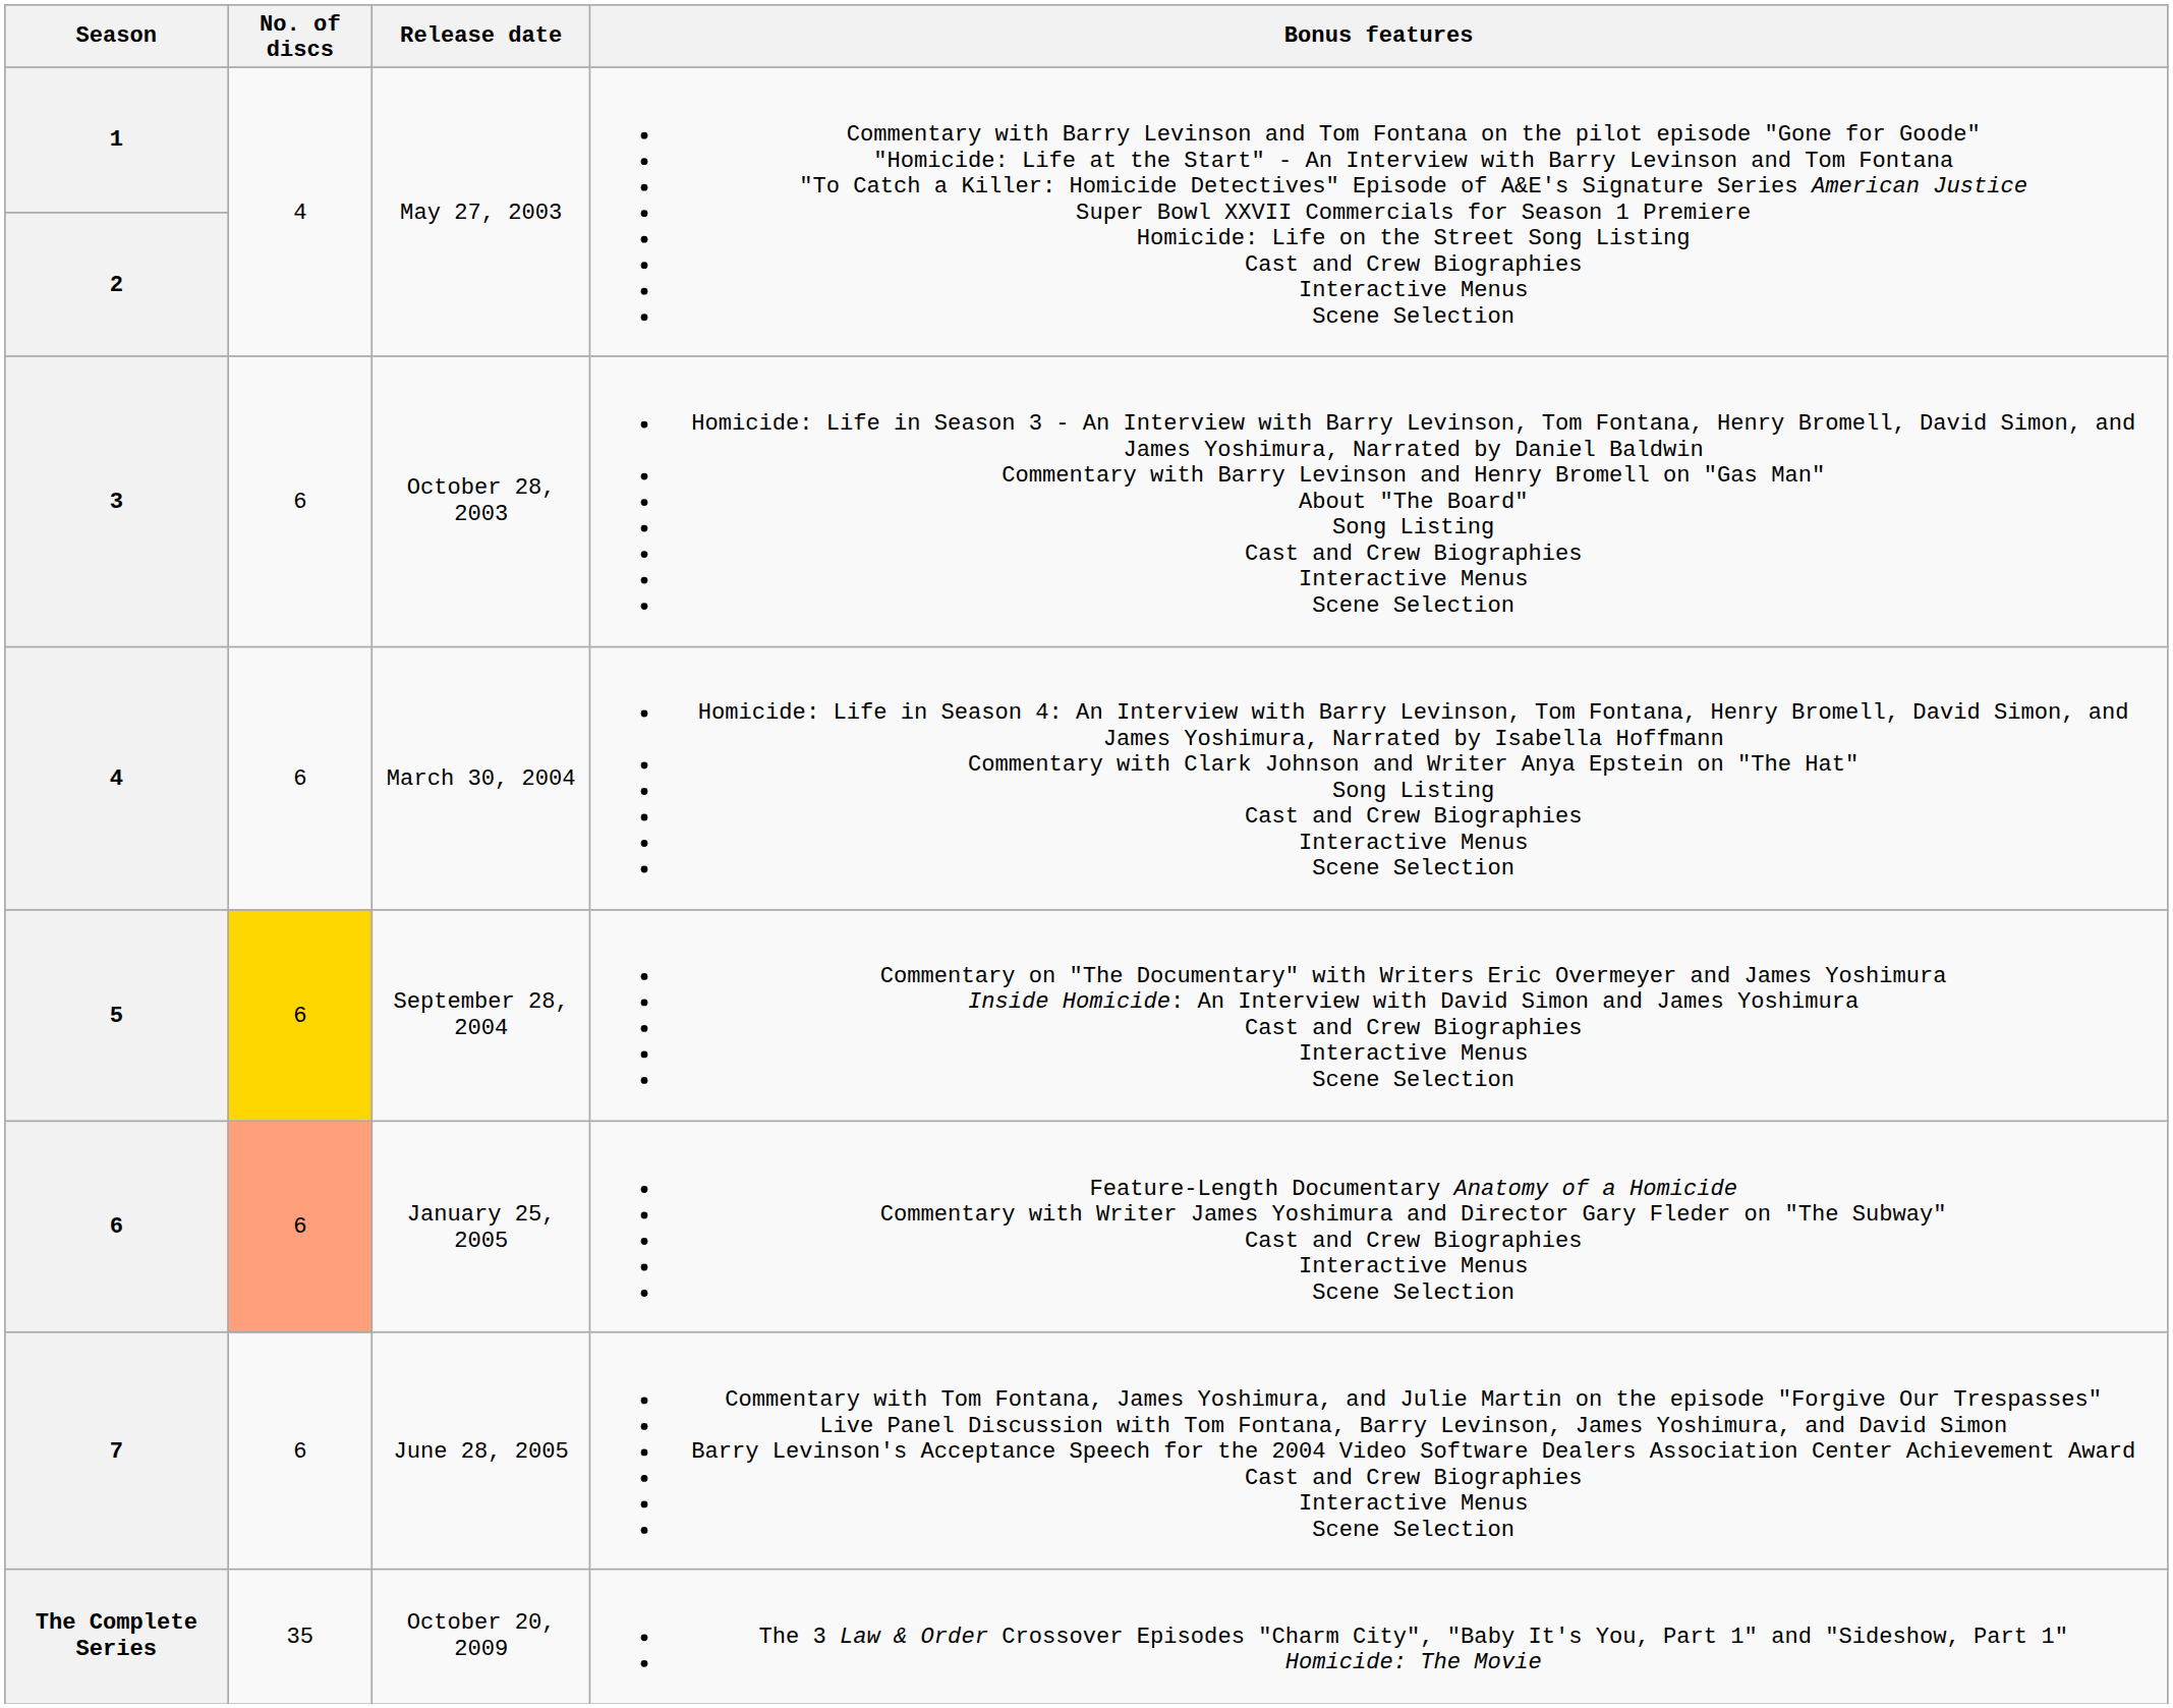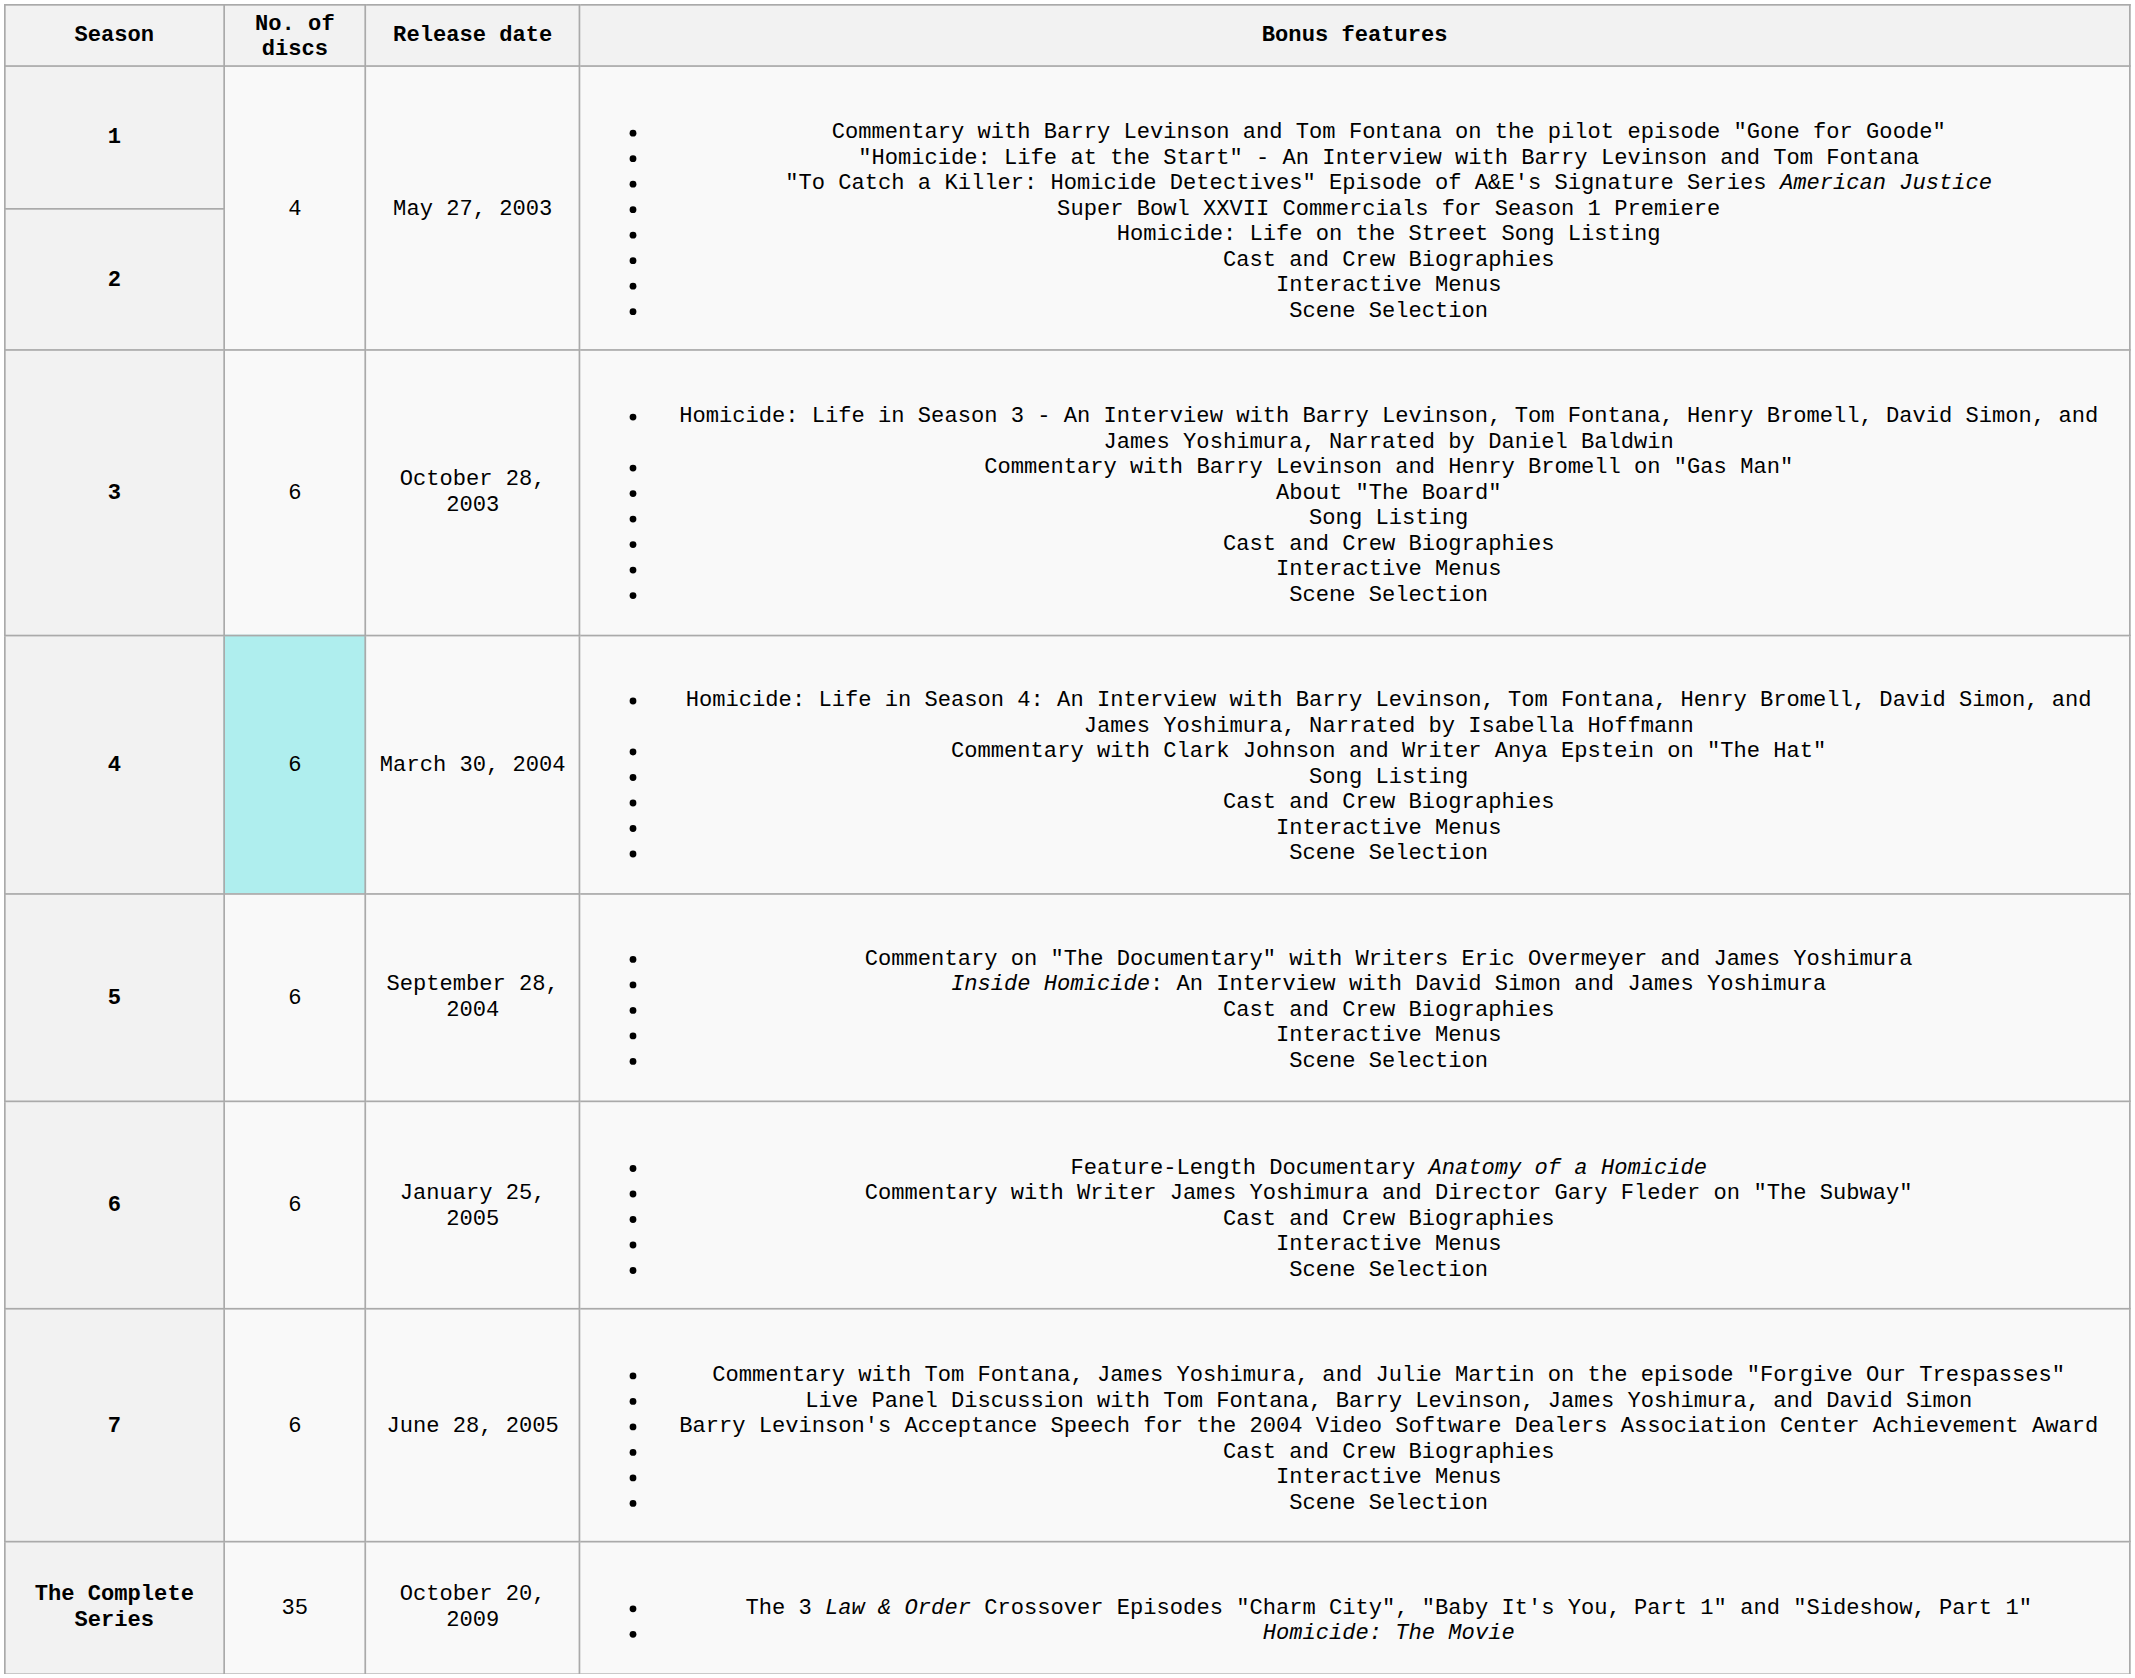 <table class="wikitable plainrowheaders" style="text-align: center;">
 <tr>
 <th scope="col">Season</th>
 <th scope="col">No. of discs</th>
 <th scope="col">Release date</th>
 <th scope="col">Bonus features</th>
 </tr>
 <tr>
 <th>1</th>
 <td rowspan="2">4</td>
 <td rowspan="2">May 27, 2003</td>
 <td rowspan="2"><br><ul><li>Commentary with Barry Levinson and Tom Fontana on the pilot episode "Gone for Goode"</li><li>"Homicide: Life at the Start" - An Interview with Barry Levinson and Tom Fontana</li><li>"To Catch a Killer: Homicide Detectives" Episode of A&E's Signature Series <em>American Justice</em></li><li>Super Bowl XXVII Commercials for Season 1 Premiere</li><li>Homicide: Life on the Street Song Listing</li><li>Cast and Crew Biographies</li><li>Interactive Menus</li><li>Scene Selection</li></ul></td>
 </tr>
 <tr>
 <th>2</th>
 </tr>
 <tr>
 <th>3</th>
 <td>6</td>
 <td>October 28, 2003</td>
 <td><br><ul><li>Homicide: Life in Season 3 - An Interview with Barry Levinson, Tom Fontana, Henry Bromell, David Simon, and James Yoshimura, Narrated by Daniel Baldwin</li><li>Commentary with Barry Levinson and Henry Bromell on "Gas Man"</li><li>About "The Board"</li><li>Song Listing</li><li>Cast and Crew Biographies</li><li>Interactive Menus</li><li>Scene Selection</li></ul></td>
 </tr>
 <tr>
 <th>4</th>
-<td>6</td>
+<td style="background: paleturquoise;">6</td>
 <td>March 30, 2004</td>
 <td><br><ul><li>Homicide: Life in Season 4: An Interview with Barry Levinson, Tom Fontana, Henry Bromell, David Simon, and James Yoshimura, Narrated by Isabella Hoffmann</li><li>Commentary with Clark Johnson and Writer Anya Epstein on "The Hat"</li><li>Song Listing</li><li>Cast and Crew Biographies</li><li>Interactive Menus</li><li>Scene Selection</li></ul></td>
 </tr>
 <tr>
 <th>5</th>
-<td style="background: gold;">6</td>
+<td>6</td>
 <td>September 28, 2004</td>
 <td><br><ul><li>Commentary on "The Documentary" with Writers Eric Overmeyer and James Yoshimura</li><li><em>Inside Homicide</em>: An Interview with David Simon and James Yoshimura</li><li>Cast and Crew Biographies</li><li>Interactive Menus</li><li>Scene Selection</li></ul></td>
 </tr>
 <tr>
 <th>6</th>
-<td style="background: lightsalmon;">6</td>
+<td>6</td>
 <td>January 25, 2005</td>
 <td><br><ul><li>Feature-Length Documentary <em>Anatomy of a Homicide</em></li><li>Commentary with Writer James Yoshimura and Director Gary Fleder on "The Subway"</li><li>Cast and Crew Biographies</li><li>Interactive Menus</li><li>Scene Selection</li></ul></td>
 </tr>
 <tr>
 <th>7</th>
 <td>6</td>
 <td>June 28, 2005</td>
 <td><br><ul><li>Commentary with Tom Fontana, James Yoshimura, and Julie Martin on the episode "Forgive Our Trespasses"</li><li>Live Panel Discussion with Tom Fontana, Barry Levinson, James Yoshimura, and David Simon</li><li>Barry Levinson's Acceptance Speech for the 2004 Video Software Dealers Association Center Achievement Award</li><li>Cast and Crew Biographies</li><li>Interactive Menus</li><li>Scene Selection</li></ul></td>
 </tr>
 <tr>
 <th>The Complete Series</th>
 <td>35</td>
 <td>October 20, 2009</td>
 <td><br><ul><li>The 3 <em>Law & Order</em> Crossover Episodes "Charm City", "Baby It's You, Part 1" and "Sideshow, Part 1"</li><li><em>Homicide: The Movie</em></li></ul></td>
 </tr>
 </table>
